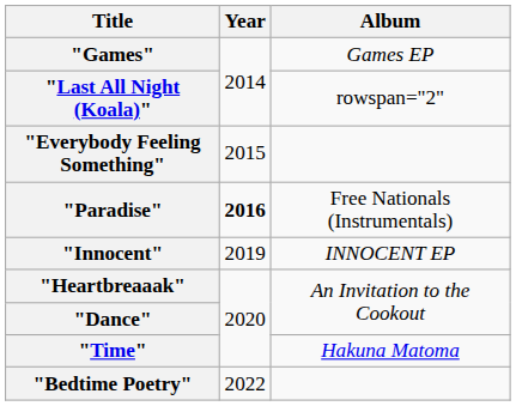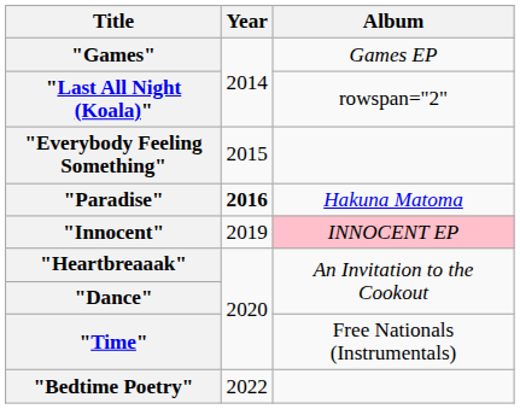 <table class="wikitable plainrowheaders" style="text-align:center;">
 <tr>
 <th scope="col" style="width:160px;">Title</th>
 <th scope="col">Year</th>
 <th scope="col" style="width:180px;">Album</th>
 </tr>
 <tr>
 <th scope="row">"Games"<br></th>
 <td rowspan="2">2014</td>
 <td><em>Games EP</em></td>
 </tr>
 <tr>
 <th scope="row">"<a href='#'>Last All Night (Koala)</a>"<br></th>
 <td>rowspan="2" </td>
 </tr>
 <tr>
 <th scope="row">"Everybody Feeling Something"<br></th>
 <td>2015</td>
 </tr>
 <tr>
 <th scope="row">"Paradise"<br></th>
 <td><strong>2016</strong></td>
-<td>Free Nationals (Instrumentals)</td>
+<td><em><a href='#'>Hakuna Matoma</a></em></td>
 </tr>
 <tr>
 <th scope="row">"Innocent"<br></th>
 <td>2019</td>
-<td><em>INNOCENT EP</em></td>
+<td style="background: pink;"><em>INNOCENT EP</em></td>
 </tr>
 <tr>
 <th scope="row">"Heartbreaaak"<br></th>
 <td rowspan="3">2020</td>
 <td rowspan="2"><em>An Invitation to the Cookout</em></td>
 </tr>
 <tr>
 <th scope="row">"Dance"<br></th>
 </tr>
 <tr>
 <th scope="row">"<a href='#'>Time</a>"<br></th>
-<td><em><a href='#'>Hakuna Matoma</a></em></td>
+<td>Free Nationals (Instrumentals)</td>
 </tr>
 <tr>
 <th scope="row">"Bedtime Poetry"<br></th>
 <td>2022</td>
 <td></td>
 </tr>
 </table>
